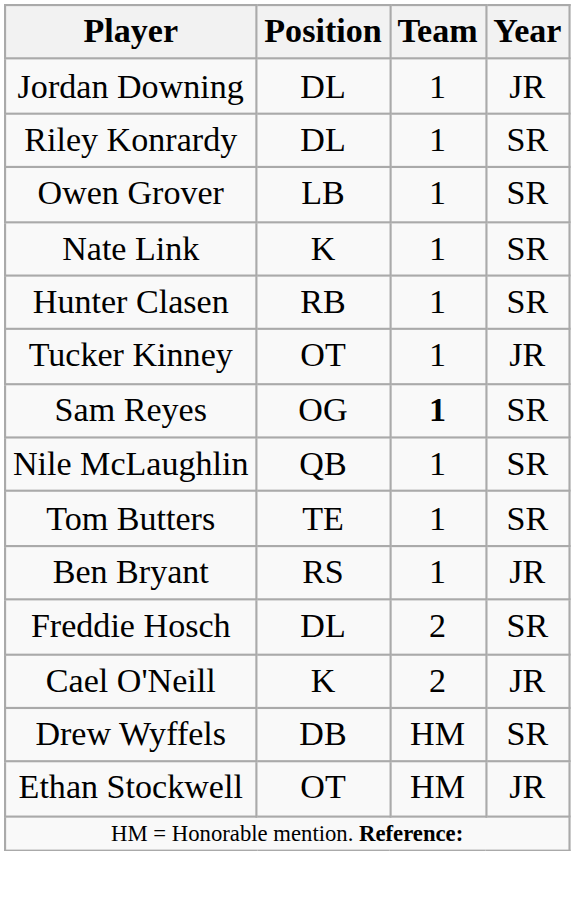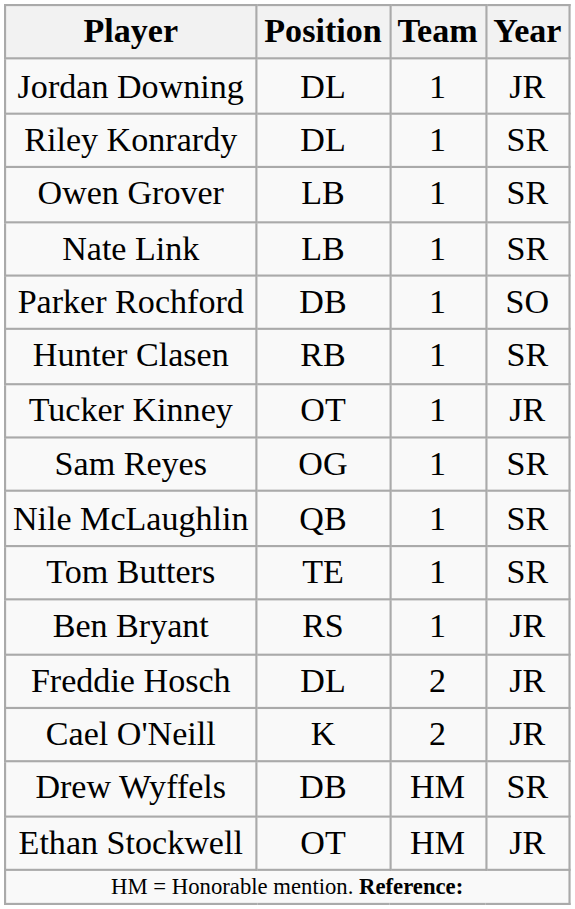 <table class="wikitable sortable sortable" style="text-align: center">
 <tr align=center>
 <th>Player</th>
 <th>Position</th>
 <th>Team</th>
 <th>Year</th>
 </tr>
 <tr>
 <td>Jordan Downing</td>
 <td>DL</td>
 <td>1</td>
 <td>JR</td>
 </tr>
 <tr>
 <td>Riley Konrardy</td>
 <td>DL</td>
 <td>1</td>
 <td>SR</td>
 </tr>
 <tr>
 <td>Owen Grover</td>
 <td>LB</td>
 <td>1</td>
 <td>SR</td>
 </tr>
 <tr>
 <td>Nate Link</td>
-<td>K</td>
+<td>LB</td>
 <td>1</td>
 <td>SR</td>
+</tr>
+<tr>
+<td>Parker Rochford</td>
+<td>DB</td>
+<td>1</td>
+<td>SO</td>
 </tr>
 <tr>
 <td>Hunter Clasen</td>
 <td>RB</td>
 <td>1</td>
 <td>SR</td>
 </tr>
 <tr>
 <td>Tucker Kinney</td>
 <td>OT</td>
 <td>1</td>
 <td>JR</td>
 </tr>
 <tr>
 <td>Sam Reyes</td>
 <td>OG</td>
-<td><strong>1</strong></td>
+<td>1</td>
 <td>SR</td>
 </tr>
 <tr>
 <td>Nile McLaughlin</td>
 <td>QB</td>
 <td>1</td>
 <td>SR</td>
 </tr>
 <tr>
 <td>Tom Butters</td>
 <td>TE</td>
 <td>1</td>
 <td>SR</td>
 </tr>
 <tr>
 <td>Ben Bryant</td>
 <td>RS</td>
 <td>1</td>
 <td>JR</td>
 </tr>
 <tr>
 <td>Freddie Hosch</td>
 <td>DL</td>
 <td>2</td>
-<td>SR</td>
+<td>JR</td>
 </tr>
 <tr>
 <td>Cael O'Neill</td>
 <td>K</td>
 <td>2</td>
 <td>JR</td>
 </tr>
 <tr>
 <td>Drew Wyffels</td>
 <td>DB</td>
 <td>HM</td>
 <td>SR</td>
 </tr>
 <tr>
 <td>Ethan Stockwell</td>
 <td>OT</td>
 <td>HM</td>
 <td>JR</td>
 </tr>
 <tr class="sortbottom">
 <td colspan="4"  style="font-size:8pt; text-align:center;">HM = Honorable mention. <strong>Reference:</strong></td>
 </tr>
 </table>
